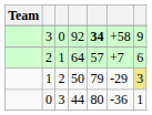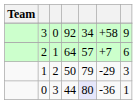 <table class="wikitable">
 <tr>
 <th>Team</th>
 <th></th>
 <th></th>
 <th></th>
 <th></th>
 <th></th>
 <th></th>
 </tr>
 <tr>
 </tr>
 <tr bgcolor=#cfc>
 <td></td>
 <td>3</td>
 <td>0</td>
 <td>92</td>
-<td><strong>34</strong></td>
+<td>34</td>
 <td>+58</td>
 <td>9</td>
 </tr>
 <tr>
 </tr>
 <tr bgcolor=#cfc>
 <td></td>
 <td>2</td>
 <td>1</td>
 <td>64</td>
 <td>57</td>
 <td>+7</td>
 <td>6</td>
 </tr>
 <tr>
 <td></td>
 <td>1</td>
 <td>2</td>
 <td>50</td>
 <td>79</td>
 <td>-29</td>
-<td style="background: khaki;">3</td>
+<td>3</td>
 </tr>
 <tr>
 <td></td>
 <td>0</td>
 <td>3</td>
 <td>44</td>
-<td>80</td>
+<td style="background: lavender;">80</td>
 <td>-36</td>
 <td>1</td>
 </tr>
 </table>
